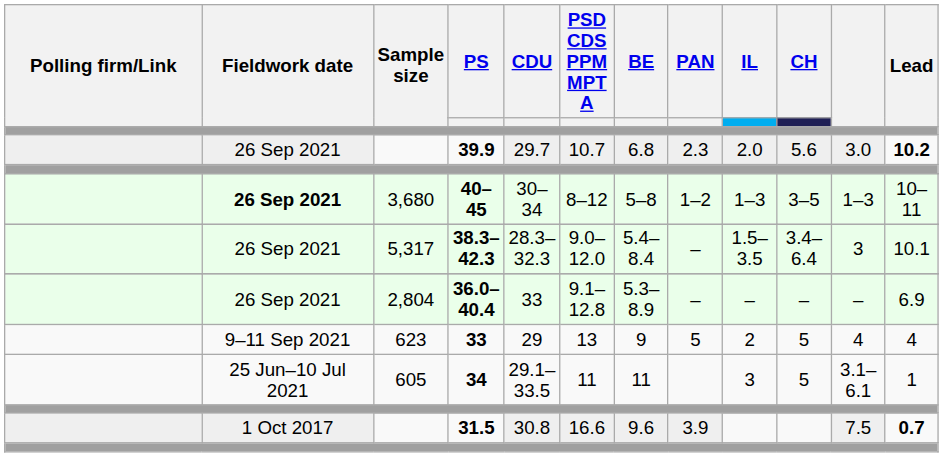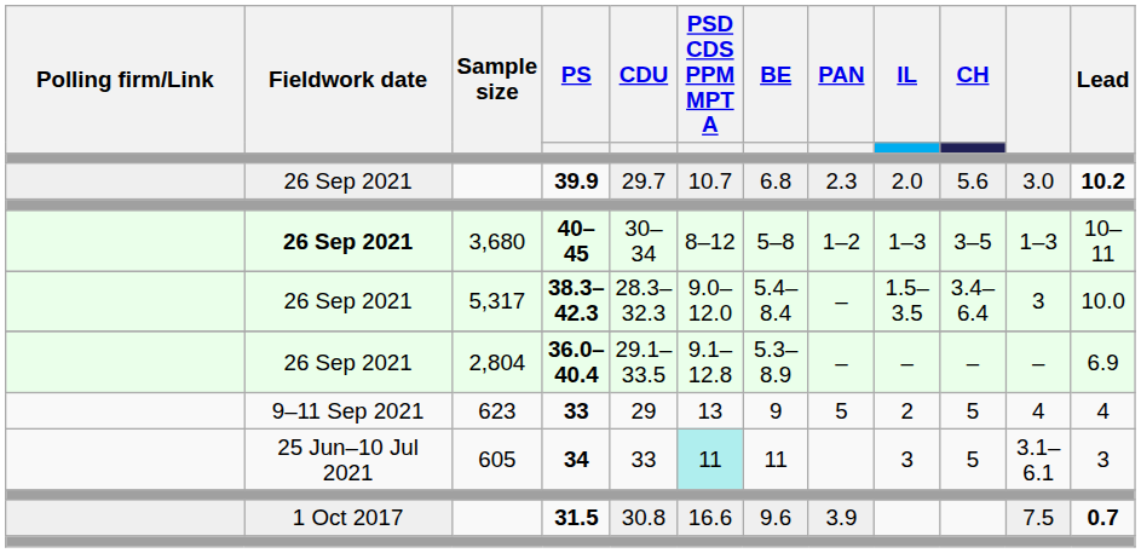 <table class="wikitable sortable mw-datatable" style="text-align:center;font-size:90%;line-height:16px;">
 <tr style="height:42px;">
 <th style="width:145px;" rowspan="2">Polling firm/Link</th>
 <th style="width:125px;" rowspan="2">Fieldwork date</th>
 <th class="unsortable" style="width:50px;" rowspan="2">Sample size</th>
 <th class="unsortable" style="width:35px;"><a href='#'>PS</a></th>
 <th class="unsortable" style="width:35px;"><a href='#'>CDU</a></th>
 <th class="unsortable" style="width:35px;"><a href='#'>PSD</a><br><a href='#'>CDS</a><br><a href='#'>PPM</a><br><a href='#'>MPT</a><br><a href='#'>A</a></th>
 <th class="unsortable" style="width:35px;"><a href='#'>BE</a></th>
 <th class="unsortable" style="width:35px;"><a href='#'>PAN</a></th>
 <th class="unsortable" style="width:35px;"><a href='#'>IL</a></th>
 <th class="unsortable" style="width:35px;"><a href='#'>CH</a></th>
 <th class="unsortable" style="width:35px;" rowspan="2"></th>
 <th class="unsortable" style="width:30px;" rowspan="2">Lead</th>
 </tr>
 <tr>
 <th class="unsortable" style="color:inherit;background:"></th>
 <th class="unsortable" style="color:inherit;background:"></th>
 <th class="unsortable" style="color:inherit;background:"></th>
 <th class="unsortable" style="color:inherit;background:"></th>
 <th class="sortable" style="background:"></th>
 <th class="sortable" style="background:#00ADEF;"></th>
 <th class="sortable" style="background:#202056;"></th>
 </tr>
 <tr>
 <td colspan="13" style="background:#A0A0A0"></td>
 </tr>
 <tr>
 <td style="background:#EFEFEF;"><strong></strong></td>
 <td style="background:#EFEFEF;" data-sort-value="2019-10-06">26 Sep 2021</td>
 <td></td>
 <td><strong>39.9</strong><br></td>
 <td style="background:#EFEFEF;">29.7<br></td>
 <td style="background:#EFEFEF;">10.7<br></td>
 <td style="background:#EFEFEF;">6.8<br></td>
 <td style="background:#EFEFEF;">2.3<br></td>
 <td style="background:#EFEFEF;">2.0<br></td>
 <td style="background:#EFEFEF;">5.6<br></td>
 <td style="background:#EFEFEF;">3.0</td>
 <td style="background:"><strong>10.2</strong></td>
 </tr>
 <tr>
 <td colspan="13" style="background:#A0A0A0"></td>
 </tr>
 <tr>
 </tr>
 <tr style="background:#EAFFEA"|>
 <td></td>
 <td data-sort-value="2019-10-06"><strong>26 Sep 2021</strong></td>
 <td>3,680</td>
 <td><strong>40–45</strong><br></td>
 <td>30–34<br></td>
 <td>8–12<br></td>
 <td>5–8<br></td>
 <td>1–2<br></td>
 <td>1–3<br></td>
 <td>3–5<br></td>
 <td>1–3</td>
 <td style="background:">10–<br>11</td>
 </tr>
 <tr>
 </tr>
 <tr style="background:#EAFFEA"|>
 <td></td>
 <td data-sort-value="2019-10-06">26 Sep 2021</td>
 <td>5,317</td>
 <td><strong>38.3–<br>42.3</strong><br></td>
 <td>28.3–<br>32.3<br></td>
 <td>9.0–<br>12.0<br></td>
 <td>5.4–<br>8.4<br></td>
 <td>–</td>
 <td>1.5–<br>3.5<br></td>
 <td>3.4–<br>6.4<br></td>
 <td align="center">3</td>
-<td style="background:">10.1</td>
+<td style="background:">10.0</td>
 </tr>
 <tr>
 </tr>
 <tr style="background:#EAFFEA"|>
 <td></td>
 <td data-sort-value="2019-10-06">26 Sep 2021</td>
 <td>2,804</td>
 <td><strong>36.0–<br>40.4</strong><br></td>
-<td align="center">33</td>
+<td>29.1–<br>33.5<br></td>
 <td>9.1–<br>12.8<br></td>
 <td>5.3–<br>8.9<br></td>
 <td>–</td>
 <td>–</td>
 <td>–</td>
 <td>–</td>
 <td style="background:">6.9</td>
 </tr>
 <tr>
 <td align="center"><br></td>
 <td align="center">9–11 Sep 2021</td>
 <td>623</td>
 <td align="center" ><strong>33</strong><br></td>
 <td align="center">29<br></td>
 <td align="center">13<br></td>
 <td align="center">9<br></td>
 <td align="center">5<br></td>
 <td align="center">2<br></td>
 <td align="center">5<br></td>
 <td align="center">4<br></td>
 <td style="background:">4</td>
 </tr>
 <tr>
 <td align="center"></td>
 <td align="center">25 Jun–10 Jul 2021</td>
 <td>605</td>
 <td align="center" ><strong>34</strong></td>
-<td>29.1–<br>33.5<br></td>
-<td align="center">11</td>
+<td align="center">33</td>
+<td align="center" style="background: paleturquoise;">11</td>
 <td align="center">11</td>
 <td></td>
 <td align="center">3</td>
 <td align="center">5</td>
 <td>3.1–<br>6.1<br></td>
-<td style="background:">1</td>
+<td style="background:">3</td>
 </tr>
 <tr>
 <td colspan="13" style="background:#A0A0A0"></td>
 </tr>
 <tr>
 <td style="background:#EFEFEF;"><strong></strong></td>
 <td style="background:#EFEFEF;" data-sort-value="2019-10-06">1 Oct 2017</td>
 <td></td>
 <td><strong>31.5</strong><br></td>
 <td style="background:#EFEFEF;">30.8<br></td>
 <td style="background:#EFEFEF;">16.6<br></td>
 <td style="background:#EFEFEF;">9.6<br></td>
 <td style="background:#EFEFEF;">3.9<br></td>
 <td></td>
 <td></td>
 <td style="background:#EFEFEF;">7.5<br></td>
 <td style="background:"><strong>0.7</strong></td>
 </tr>
 <tr>
 <td colspan="13" style="background:#A0A0A0"></td>
 </tr>
 </table>
